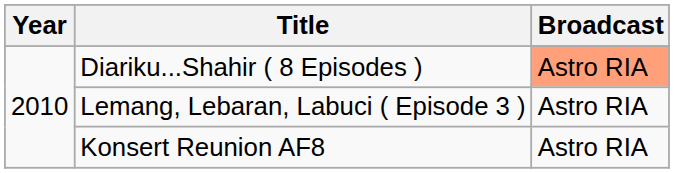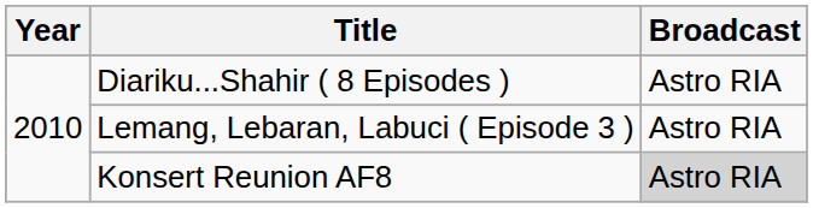 <table class="wikitable" style="font-size: 90%;">
 <tr>
 <th>Year</th>
 <th>Title</th>
 <th>Broadcast</th>
 </tr>
 <tr>
 <td rowspan="3">2010</td>
 <td>Diariku...Shahir ( 8 Episodes )</td>
-<td style="background: lightsalmon;">Astro RIA</td>
+<td>Astro RIA</td>
 </tr>
 <tr>
 <td>Lemang, Lebaran, Labuci ( Episode 3 )</td>
 <td>Astro RIA</td>
 </tr>
 <tr>
 <td>Konsert Reunion AF8</td>
-<td>Astro RIA</td>
+<td style="background: lightgrey;">Astro RIA</td>
 </tr>
 </table>
